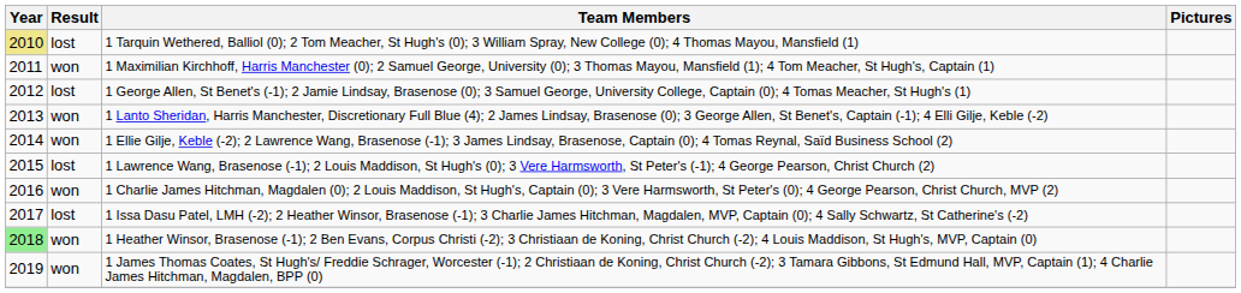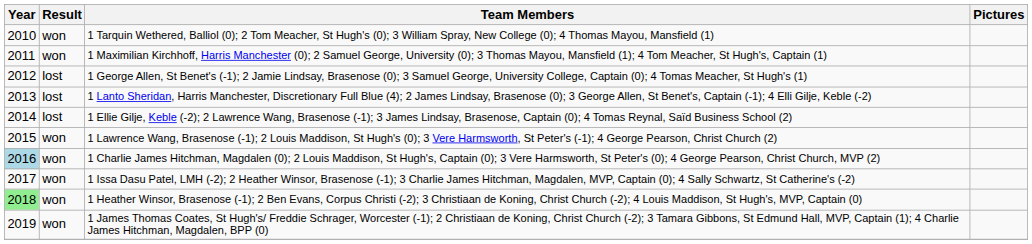 <table class="wikitable" width="100%">
 <tr>
 <th>Year</th>
 <th>Result</th>
 <th>Team Members</th>
 <th>Pictures</th>
 </tr>
 <tr>
-<td style="background: khaki;">2010</td>
-<td>lost</td>
+<td>2010</td>
+<td>won</td>
 <td style="font-size:85%">1 Tarquin Wethered, Balliol (0); 2 Tom Meacher, St Hugh's (0); 3 William Spray, New College (0); 4 Thomas Mayou, Mansfield (1)</td>
 <td></td>
 </tr>
 <tr>
 <td>2011</td>
 <td>won</td>
 <td style="font-size:85%">1 Maximilian Kirchhoff, <a href='#'>Harris Manchester</a> (0); 2 Samuel George, University (0); 3 Thomas Mayou, Mansfield (1); 4 Tom Meacher, St Hugh's, Captain (1)</td>
 <td><br> </td>
 </tr>
 <tr>
 <td>2012</td>
 <td>lost</td>
 <td style="font-size:85%">1 George Allen, St Benet's (-1); 2 Jamie Lindsay, Brasenose (0); 3 Samuel George, University College, Captain (0); 4 Tomas Meacher, St Hugh's (1)</td>
 <td><br></td>
 </tr>
 <tr>
 <td>2013</td>
-<td>won</td>
+<td>lost</td>
 <td style="font-size:85%">1 <a href='#'>Lanto Sheridan</a>, Harris Manchester, Discretionary Full Blue (4); 2 James Lindsay, Brasenose (0); 3 George Allen, St Benet's, Captain (-1); 4 Elli Gilje, Keble (-2)</td>
 <td><br></td>
 </tr>
 <tr>
 <td>2014</td>
-<td>won</td>
+<td>lost</td>
 <td style="font-size:85%">1 Ellie Gilje, <a href='#'>Keble</a> (-2); 2 Lawrence Wang, Brasenose (-1); 3 James Lindsay, Brasenose, Captain (0); 4 Tomas Reynal, Saïd Business School (2)</td>
 <td></td>
 </tr>
 <tr>
 <td>2015</td>
-<td>lost</td>
+<td>won</td>
 <td style="font-size:85%">1 Lawrence Wang, Brasenose (-1); 2 Louis Maddison, St Hugh's (0); 3 <a href='#'>Vere Harmsworth</a>, St Peter's (-1); 4 George Pearson, Christ Church (2)</td>
 <td></td>
 </tr>
 <tr>
-<td>2016</td>
+<td style="background: lightblue;">2016</td>
 <td>won</td>
 <td style="font-size:85%">1 Charlie James Hitchman, Magdalen (0); 2 Louis Maddison, St Hugh's, Captain (0); 3 Vere Harmsworth, St Peter's (0); 4 George Pearson, Christ Church, MVP (2)</td>
 <td><br></td>
 </tr>
 <tr>
 <td>2017</td>
-<td>lost</td>
+<td>won</td>
 <td style="font-size:85%">1 Issa Dasu Patel, LMH (-2); 2 Heather Winsor, Brasenose (-1); 3 Charlie James Hitchman, Magdalen, MVP, Captain (0); 4 Sally Schwartz, St Catherine's (-2)</td>
 <td></td>
 </tr>
 <tr>
 <td style="background: lightgreen;">2018</td>
 <td>won</td>
 <td style="font-size:85%">1 Heather Winsor, Brasenose (-1); 2 Ben Evans, Corpus Christi (-2); 3 Christiaan de Koning, Christ Church (-2); 4 Louis Maddison, St Hugh's, MVP, Captain (0)</td>
 <td></td>
 </tr>
 <tr>
 <td>2019</td>
 <td>won</td>
 <td style="font-size:85%">1 James Thomas Coates, St Hugh's/ Freddie Schrager, Worcester (-1); 2 Christiaan de Koning, Christ Church (-2); 3 Tamara Gibbons, St Edmund Hall, MVP, Captain (1); 4 Charlie James Hitchman, Magdalen, BPP (0)</td>
 <td></td>
 </tr>
 <tr>
 </tr>
 </table>
